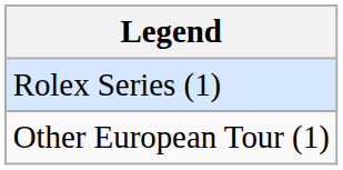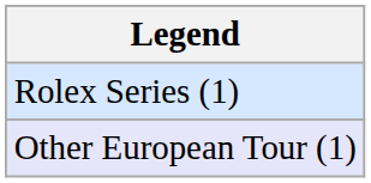 <table class="wikitable" style="font-size:95%;">
 <tr>
 <th>Legend</th>
 </tr>
 <tr style="background:#D6E8FF;">
 <td>Rolex Series (1)</td>
 </tr>
 <tr>
-<td>Other European Tour (1)</td>
+<td style="background: lavender;">Other European Tour (1)</td>
 </tr>
 </table>
